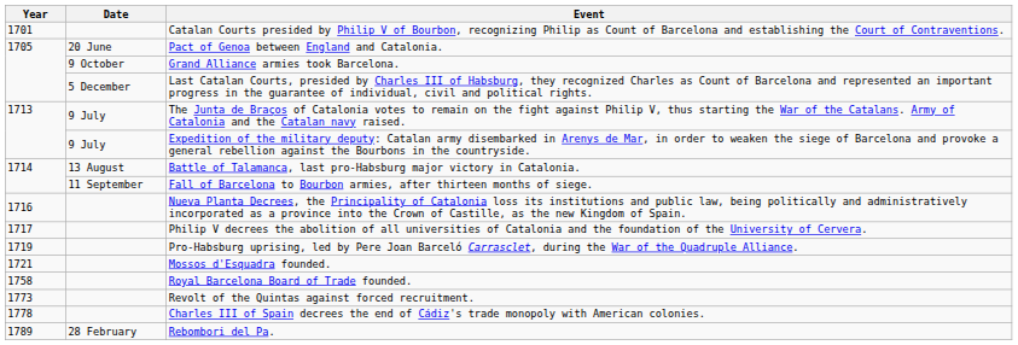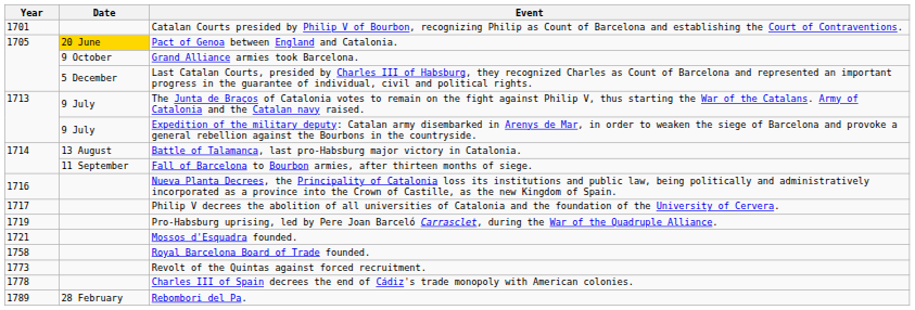 <table class="wikitable" width="100%">
 <tr>
 <th style="width:6%">Year</th>
 <th style="width:10%">Date</th>
 <th>Event</th>
 </tr>
 <tr>
 <td>1701</td>
 <td></td>
 <td>Catalan Courts presided by <a href='#'>Philip V of Bourbon</a>, recognizing Philip as Count of Barcelona and establishing the <a href='#'>Court of Contraventions</a>.</td>
 </tr>
 <tr>
 <td rowspan="3" valign="top">1705</td>
-<td>20 June</td>
+<td style="background: gold;">20 June</td>
 <td><a href='#'>Pact of Genoa</a> between <a href='#'>England</a> and Catalonia.</td>
 </tr>
 <tr>
 <td>9 October</td>
 <td><a href='#'>Grand Alliance</a> armies took Barcelona.</td>
 </tr>
 <tr>
 <td>5 December</td>
 <td>Last Catalan Courts, presided by <a href='#'>Charles III of Habsburg</a>, they recognized Charles as Count of Barcelona and represented an important progress in the guarantee of individual, civil and political rights.</td>
 </tr>
 <tr>
 <td rowspan="2" valign="top">1713</td>
 <td>9 July</td>
 <td>The <a href='#'>Junta de Braços</a> of Catalonia votes to remain on the fight against Philip V, thus starting the <a href='#'>War of the Catalans</a>. <a href='#'>Army of Catalonia</a> and the <a href='#'>Catalan navy</a> raised.</td>
 </tr>
 <tr>
 <td>9 July</td>
 <td><a href='#'>Expedition of the military deputy</a>: Catalan army disembarked in <a href='#'>Arenys de Mar</a>, in order to weaken the siege of Barcelona and provoke a general rebellion against the Bourbons in the countryside.</td>
 </tr>
 <tr>
 <td rowspan="2" valign="top">1714</td>
 <td>13 August</td>
 <td><a href='#'>Battle of Talamanca</a>, last pro-Habsburg major victory in Catalonia.</td>
 </tr>
 <tr>
 <td>11 September</td>
 <td><a href='#'>Fall of Barcelona</a> to <a href='#'>Bourbon</a> armies, after thirteen months of siege.</td>
 </tr>
 <tr>
 <td>1716</td>
 <td></td>
 <td><a href='#'>Nueva Planta Decrees</a>, the <a href='#'>Principality of Catalonia</a> loss its institutions and public law, being politically and administratively incorporated as a province into the Crown of Castille, as the new Kingdom of Spain.</td>
 </tr>
 <tr>
 <td>1717</td>
 <td></td>
 <td>Philip V decrees the abolition of all universities of Catalonia and the foundation of the <a href='#'>University of Cervera</a>.</td>
 </tr>
 <tr>
 <td>1719</td>
 <td></td>
 <td>Pro-Habsburg uprising, led by Pere Joan Barceló <em><a href='#'>Carrasclet</a></em>, during the <a href='#'>War of the Quadruple Alliance</a>.</td>
 </tr>
 <tr>
 <td>1721</td>
 <td></td>
 <td><a href='#'>Mossos d'Esquadra</a> founded.</td>
 </tr>
 <tr>
 <td>1758</td>
 <td></td>
 <td><a href='#'>Royal Barcelona Board of Trade</a> founded.</td>
 </tr>
 <tr>
 <td>1773</td>
 <td></td>
 <td>Revolt of the Quintas against forced recruitment.</td>
 </tr>
 <tr>
 <td>1778</td>
 <td></td>
 <td><a href='#'>Charles III of Spain</a> decrees the end of <a href='#'>Cádiz</a>'s trade monopoly with American colonies.</td>
 </tr>
 <tr>
 <td>1789</td>
 <td>28 February</td>
 <td><a href='#'>Rebombori del Pa</a>.</td>
 </tr>
 </table>
